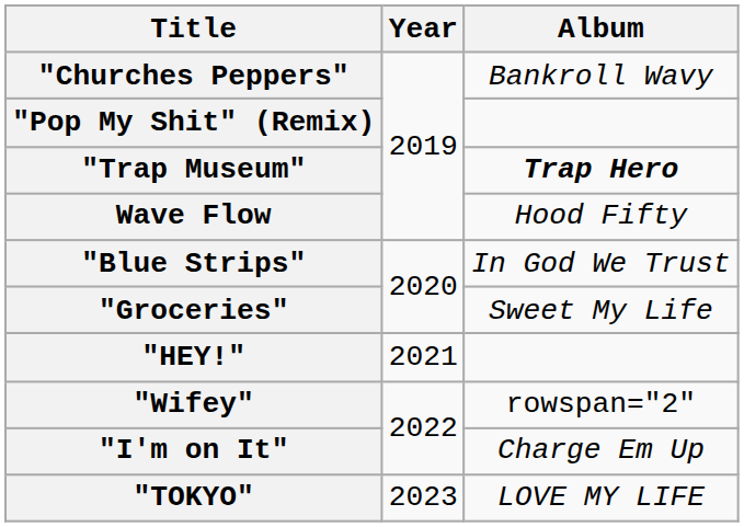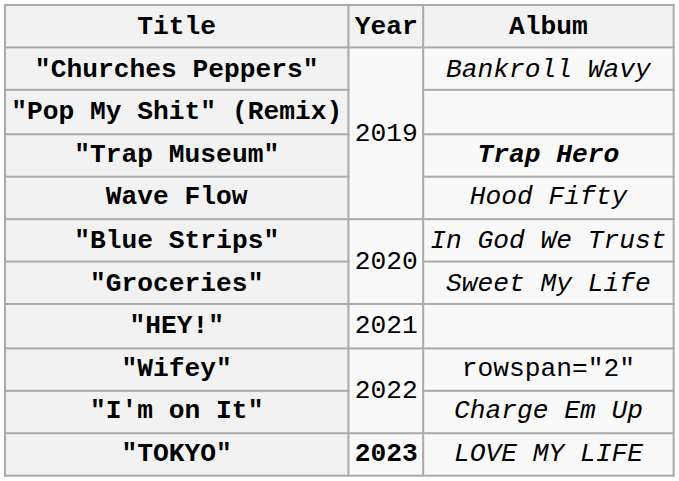 <table class="wikitable plainrowheaders" style="text-align:center;">
 <tr>
 <th scope="col">Title</th>
 <th scope="col">Year</th>
 <th scope="col">Album</th>
 </tr>
 <tr>
 <th scope="row">"Churches Peppers"<br></th>
 <td rowspan="4">2019</td>
 <td><em>Bankroll Wavy</em></td>
 </tr>
 <tr>
 <th scope="row">"Pop My Shit" (Remix)<br></th>
 <td></td>
 </tr>
 <tr>
 <th scope="row">"Trap Museum"<br></th>
 <td><strong><em>Trap Hero</em></strong></td>
 </tr>
 <tr>
 <th scope="row">Wave Flow<br></th>
 <td><em>Hood Fifty</em></td>
 </tr>
 <tr>
 <th scope="row">"Blue Strips"<br></th>
 <td rowspan="2">2020</td>
 <td><em>In God We Trust</em></td>
 </tr>
 <tr>
 <th scope="Row">"Groceries"<br></th>
 <td><em>Sweet My Life</em></td>
 </tr>
 <tr>
 <th scope="row">"HEY!"<br></th>
 <td>2021</td>
 </tr>
 <tr>
 <th scope="row">"Wifey"<br></th>
 <td rowspan="2">2022</td>
 <td>rowspan="2" </td>
 </tr>
 <tr>
 <th scope="row">"I'm on It"<br></th>
 <td><em>Charge Em Up</em></td>
 </tr>
 <tr>
 <th scope="row">"TOKYO"<br></th>
-<td>2023</td>
+<td><strong>2023</strong></td>
 <td><em>LOVE MY LIFE</em></td>
 </tr>
 </table>
